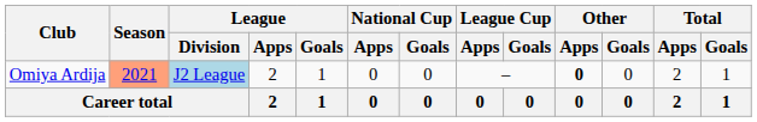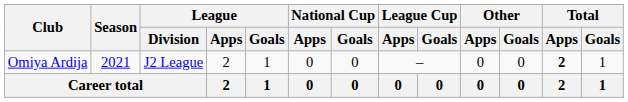 <table class="wikitable" style="text-align: center">
 <tr>
 <th rowspan="2">Club</th>
 <th rowspan="2">Season</th>
 <th colspan="3">League</th>
 <th colspan="2">National Cup</th>
 <th colspan="2">League Cup</th>
 <th colspan="2">Other</th>
 <th colspan="2">Total</th>
 </tr>
 <tr>
 <th>Division</th>
 <th>Apps</th>
 <th>Goals</th>
 <th>Apps</th>
 <th>Goals</th>
 <th>Apps</th>
 <th>Goals</th>
 <th>Apps</th>
 <th>Goals</th>
 <th>Apps</th>
 <th>Goals</th>
 </tr>
 <tr>
 <td><a href='#'>Omiya Ardija</a></td>
-<td style="background: lightsalmon;"><a href='#'>2021</a></td>
-<td style="background: lightblue;"><a href='#'>J2 League</a></td>
+<td><a href='#'>2021</a></td>
+<td><a href='#'>J2 League</a></td>
 <td>2</td>
 <td>1</td>
 <td>0</td>
 <td>0</td>
 <td colspan="2">–</td>
-<td><strong>0</strong></td>
 <td>0</td>
-<td>2</td>
+<td>0</td>
+<td><strong>2</strong></td>
 <td>1</td>
 </tr>
 <tr>
 <th colspan=3>Career total</th>
 <th>2</th>
 <th>1</th>
 <th>0</th>
 <th>0</th>
 <th>0</th>
 <th>0</th>
 <th>0</th>
 <th>0</th>
 <th>2</th>
 <th>1</th>
 </tr>
 </table>
